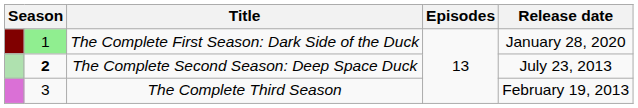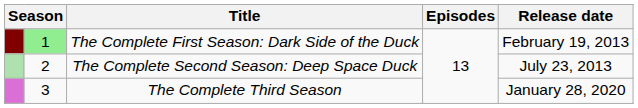 <table class="wikitable" style="text-align: center;">
 <tr>
 <th colspan=2>Season</th>
 <th>Title</th>
 <th>Episodes</th>
 <th>Release date</th>
 </tr>
 <tr>
 <td style="background:#800000"></td>
 <td style="background: lightgreen;">1</td>
 <td><em>The Complete First Season: Dark Side of the Duck</em></td>
 <td rowspan=3>13</td>
-<td>January 28, 2020</td>
+<td>February 19, 2013</td>
 </tr>
 <tr>
 <td style="background:#AFE1AF"></td>
-<td><strong>2</strong></td>
+<td>2</td>
 <td><em>The Complete Second Season: Deep Space Duck</em></td>
 <td>July 23, 2013</td>
 </tr>
 <tr>
 <td style="background:#DA70D6"></td>
 <td>3</td>
 <td><em>The Complete Third Season</em></td>
-<td>February 19, 2013</td>
+<td>January 28, 2020</td>
 </tr>
 </table>
